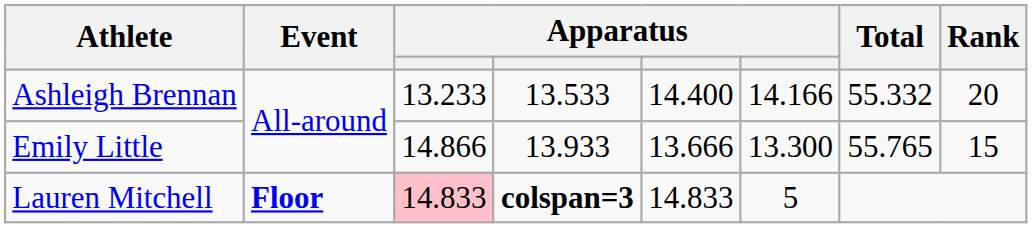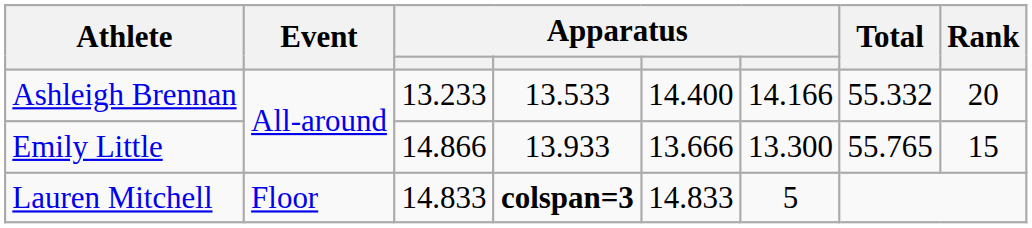 <table class="wikitable" style="font-size:90%">
 <tr>
 <th rowspan="2">Athlete</th>
 <th rowspan="2">Event</th>
 <th colspan = "4">Apparatus</th>
 <th rowspan=2>Total</th>
 <th rowspan=2>Rank</th>
 </tr>
 <tr style="font-size:95%">
 <th></th>
 <th></th>
 <th></th>
 <th></th>
 </tr>
 <tr align=center>
 <td align=left><a href='#'>Ashleigh Brennan</a></td>
 <td align=left rowspan=2><a href='#'>All-around</a></td>
 <td>13.233</td>
 <td>13.533</td>
 <td>14.400</td>
 <td>14.166</td>
 <td>55.332</td>
 <td>20</td>
 </tr>
 <tr align=center>
 <td align=left><a href='#'>Emily Little</a></td>
 <td>14.866</td>
 <td>13.933</td>
 <td>13.666</td>
 <td>13.300</td>
 <td>55.765</td>
 <td>15</td>
 </tr>
 <tr align=center>
 <td align=left><a href='#'>Lauren Mitchell</a></td>
-<td align=left><strong><a href='#'>Floor</a></strong></td>
-<td style="background: pink;">14.833</td>
+<td align=left><a href='#'>Floor</a></td>
+<td>14.833</td>
 <td><strong>colspan=3 </strong></td>
 <td>14.833</td>
 <td>5</td>
 </tr>
 </table>
